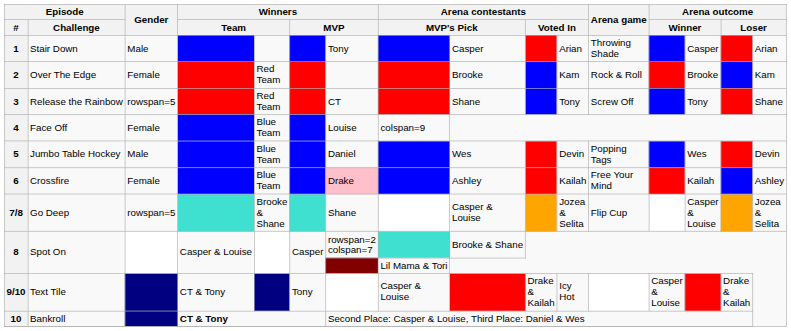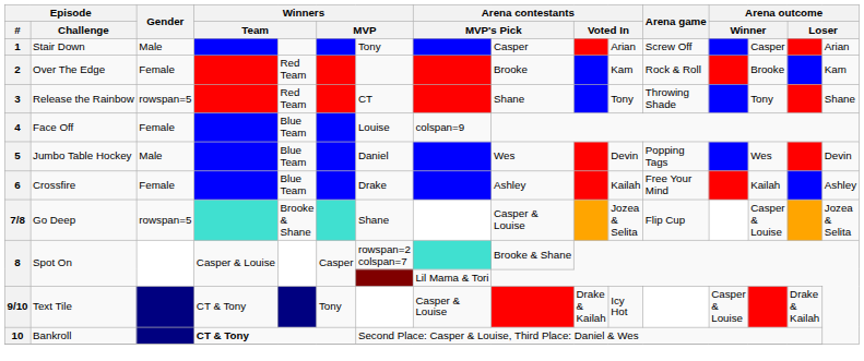 <table class="wikitable" style="font-size:100%">
 <tr>
 <th colspan="2" nowrap>Episode</th>
 <th rowspan="2" nowrap>Gender</th>
 <th colspan="4" nowrap>Winners</th>
 <th colspan="4" nowrap>Arena contestants</th>
 <th rowspan="2" nowrap>Arena game</th>
 <th colspan="4" nowrap>Arena outcome</th>
 </tr>
 <tr>
 <th>#</th>
 <th>Challenge</th>
 <th colspan="2">Team</th>
 <th colspan="2">MVP</th>
 <th colspan="2">MVP's Pick</th>
 <th colspan="2">Voted In</th>
 <th colspan="2">Winner</th>
 <th colspan="2">Loser</th>
 </tr>
 <tr>
 <th>1</th>
 <td nowrap>Stair Down</td>
 <td>Male</td>
 <td bgcolor="blue"></td>
 <td></td>
 <td bgcolor="blue"></td>
 <td>Tony</td>
 <td bgcolor="blue"></td>
 <td>Casper</td>
 <td bgcolor="red"></td>
 <td>Arian</td>
-<td>Throwing Shade</td>
+<td>Screw Off</td>
 <td bgcolor="blue"></td>
 <td>Casper</td>
 <td bgcolor="red"></td>
 <td>Arian</td>
 </tr>
 <tr>
 <th>2</th>
 <td nowrap>Over The Edge</td>
 <td>Female</td>
 <td bgcolor="red"></td>
 <td>Red Team</td>
 <td bgcolor="red"></td>
 <td></td>
 <td bgcolor="red"></td>
 <td>Brooke</td>
 <td bgcolor="blue"></td>
 <td>Kam</td>
 <td>Rock & Roll</td>
 <td bgcolor="red"></td>
 <td>Brooke</td>
 <td bgcolor="blue"></td>
 <td>Kam</td>
 </tr>
 <tr>
 <th>3</th>
 <td nowrap>Release the Rainbow</td>
 <td>rowspan=5 </td>
 <td bgcolor="red"></td>
 <td>Red Team</td>
 <td bgcolor="red"></td>
 <td>CT</td>
 <td bgcolor="red"></td>
 <td>Shane</td>
 <td bgcolor="blue"></td>
 <td>Tony</td>
-<td>Screw Off</td>
+<td>Throwing Shade</td>
 <td bgcolor="blue"></td>
 <td>Tony</td>
 <td bgcolor="red"></td>
 <td>Shane</td>
 </tr>
 <tr>
 <th>4</th>
 <td>Face Off</td>
 <td>Female</td>
 <td bgcolor="blue"></td>
 <td>Blue Team</td>
 <td bgcolor="blue"></td>
 <td>Louise</td>
 <td>colspan=9 </td>
 </tr>
 <tr>
 <th>5</th>
 <td nowrap>Jumbo Table Hockey</td>
 <td>Male</td>
 <td bgcolor="blue"></td>
 <td>Blue Team</td>
 <td bgcolor="blue"></td>
 <td>Daniel</td>
 <td bgcolor="blue"></td>
 <td>Wes</td>
 <td bgcolor="red"></td>
 <td>Devin</td>
 <td>Popping Tags</td>
 <td bgcolor="blue"></td>
 <td>Wes</td>
 <td bgcolor="red"></td>
 <td>Devin</td>
 </tr>
 <tr>
 <th>6</th>
 <td nowrap>Crossfire</td>
 <td>Female</td>
 <td bgcolor="blue"></td>
 <td>Blue Team</td>
 <td bgcolor="blue"></td>
-<td style="background: pink;">Drake</td>
+<td>Drake</td>
 <td bgcolor="blue"></td>
 <td>Ashley</td>
 <td bgcolor="red"></td>
 <td>Kailah</td>
 <td>Free Your Mind</td>
 <td bgcolor="red"></td>
 <td>Kailah</td>
 <td bgcolor="blue"></td>
 <td>Ashley</td>
 </tr>
 <tr>
 <th>7/8</th>
 <td nowrap>Go Deep</td>
 <td>rowspan=5 </td>
 <td bgcolor="turquoise"></td>
 <td>Brooke & Shane</td>
 <td bgcolor="turquoise"></td>
 <td>Shane</td>
 <td bgcolor="white"></td>
 <td>Casper & Louise</td>
 <td bgcolor="orange"></td>
 <td>Jozea & Selita </td>
 <td>Flip Cup</td>
 <td bgcolor="white"></td>
 <td>Casper & Louise</td>
 <td bgcolor="orange"></td>
 <td>Jozea & Selita</td>
 </tr>
 <tr>
 <th rowspan=2>8</th>
 <td rowspan=2>Spot On</td>
 <td rowspan=2 bgcolor="white"></td>
 <td rowspan=2 nowrap>Casper & Louise</td>
 <td bgcolor="white" rowspan=2></td>
 <td rowspan=2>Casper</td>
 <td>rowspan=2 colspan=7 </td>
 <td bgcolor="turquoise"></td>
 <td nowrap>Brooke & Shane</td>
 </tr>
 <tr>
 <td bgcolor="maroon"></td>
 <td nowrap>Lil Mama & Tori</td>
 </tr>
 <tr>
 <th>9/10</th>
 <td nowrap>Text Tile</td>
 <td bgcolor="navy"></td>
 <td>CT & Tony</td>
 <td bgcolor="navy"></td>
 <td>Tony</td>
 <td bgcolor="white"></td>
 <td>Casper & Louise</td>
 <td bgcolor="red"></td>
 <td>Drake & Kailah</td>
 <td>Icy Hot</td>
 <td bgcolor="white"></td>
 <td>Casper & Louise</td>
 <td bgcolor="red"></td>
 <td>Drake & Kailah</td>
 </tr>
 <tr>
 <th>10</th>
 <td nowrap>Bankroll</td>
 <td bgcolor="navy"></td>
 <td colspan=3><strong>CT & Tony</strong></td>
 <td colspan=9>Second Place: Casper & Louise, Third Place: Daniel & Wes</td>
 </tr>
 <tr>
 </tr>
 </table>
